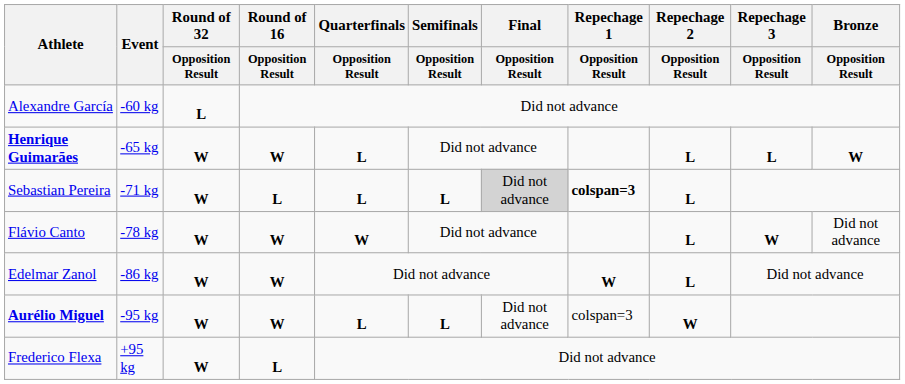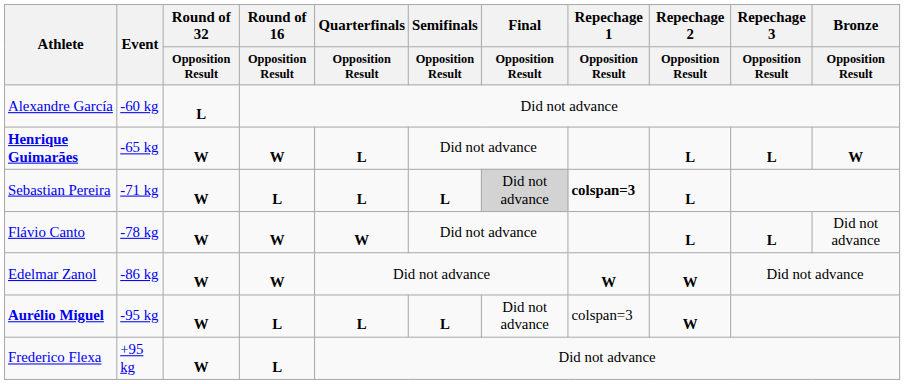 <table class="wikitable" style="font-size:90%">
 <tr>
 <th rowspan="2">Athlete</th>
 <th rowspan="2">Event</th>
 <th>Round of 32</th>
 <th>Round of 16</th>
 <th>Quarterfinals</th>
 <th>Semifinals</th>
 <th>Final</th>
 <th>Repechage 1</th>
 <th>Repechage 2</th>
 <th>Repechage 3</th>
 <th>Bronze</th>
 </tr>
 <tr>
 <th style="line-height:1em"><small>Opposition<br>Result</small></th>
 <th style="line-height:1em"><small>Opposition<br>Result</small></th>
 <th style="line-height:1em"><small>Opposition<br>Result</small></th>
 <th style="line-height:1em"><small>Opposition<br>Result</small></th>
 <th style="line-height:1em"><small>Opposition<br>Result</small></th>
 <th style="line-height:1em"><small>Opposition<br>Result</small></th>
 <th style="line-height:1em"><small>Opposition<br>Result</small></th>
 <th style="line-height:1em"><small>Opposition<br>Result</small></th>
 <th style="line-height:1em"><small>Opposition<br>Result</small></th>
 </tr>
 <tr>
 <td><a href='#'>Alexandre García</a></td>
 <td><a href='#'>-60 kg</a></td>
 <td align="center"><br><strong>L</strong></td>
 <td align="center" colspan=8>Did not advance</td>
 </tr>
 <tr>
 <td><strong><a href='#'>Henrique Guimarães</a></strong></td>
 <td><a href='#'>-65 kg</a></td>
 <td align="center"><br><strong>W</strong></td>
 <td align="center"><br><strong>W</strong></td>
 <td align="center"><br><strong>L</strong></td>
 <td align="center" colspan=2>Did not advance</td>
 <td></td>
 <td align="center"><br><strong>L</strong></td>
 <td align="center"><br><strong>L</strong></td>
 <td align="center"><br><strong>W</strong> </td>
 </tr>
 <tr>
 <td><a href='#'>Sebastian Pereira</a></td>
 <td><a href='#'>-71 kg</a></td>
 <td align="center"><br><strong>W</strong></td>
 <td align="center"><br><strong>L</strong></td>
 <td align="center"><br><strong>L</strong></td>
 <td align="center"><br><strong>L</strong></td>
 <td align="center" style="background: lightgrey;">Did not advance</td>
 <td><strong>colspan=3 </strong></td>
 <td align="center"><br><strong>L</strong></td>
 </tr>
 <tr>
 <td><a href='#'>Flávio Canto</a></td>
 <td><a href='#'>-78 kg</a></td>
 <td align="center"><br><strong>W</strong></td>
 <td align="center"><br><strong>W</strong></td>
 <td align="center"><br><strong>W</strong></td>
 <td align="center" colspan=2>Did not advance</td>
 <td></td>
 <td align="center"><br><strong>L</strong></td>
-<td align="center"><br><strong>W</strong></td>
+<td align="center"><br><strong>L</strong></td>
 <td align=center>Did not advance</td>
 </tr>
 <tr>
 <td><a href='#'>Edelmar Zanol</a></td>
 <td><a href='#'>-86 kg</a></td>
 <td align="center"><br><strong>W</strong></td>
 <td align="center"><br><strong>W</strong></td>
 <td align="center" colspan=3>Did not advance</td>
 <td align="center"><br><strong>W</strong></td>
-<td align="center"><br><strong>L</strong></td>
+<td align="center"><br><strong>W</strong></td>
 <td align=center colspan=2>Did not advance</td>
 </tr>
 <tr>
 <td><strong><a href='#'>Aurélio Miguel</a></strong></td>
 <td><a href='#'>-95 kg</a></td>
 <td align="center"><br><strong>W</strong></td>
-<td align="center"><br><strong>W</strong></td>
+<td align="center"><br><strong>L</strong></td>
 <td align="center"><br><strong>L</strong></td>
 <td align="center"><br><strong>L</strong></td>
 <td align="center">Did not advance</td>
 <td>colspan=3 </td>
 <td align="center"><br><strong>W</strong> </td>
 </tr>
 <tr>
 <td><a href='#'>Frederico Flexa</a></td>
 <td><a href='#'>+95 kg</a></td>
 <td align="center"><br><strong>W</strong></td>
 <td align="center"><br><strong>L</strong></td>
 <td align="center" colspan=7>Did not advance</td>
 </tr>
 </table>
